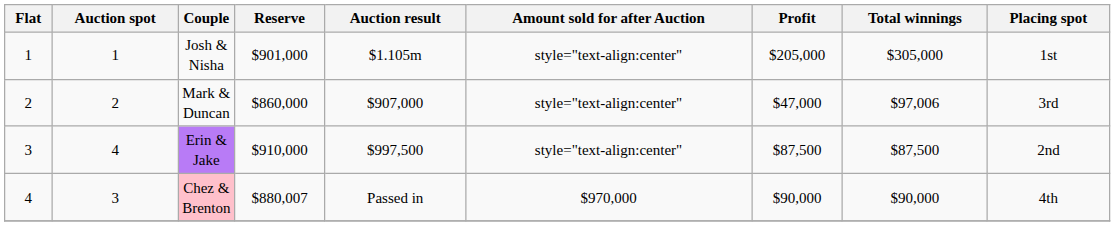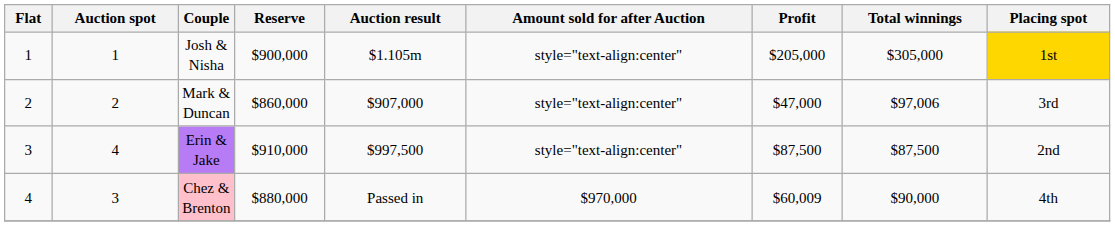 <table class="wikitable" style="text-align: center; font-size: 9pt; line-height:16px; width:70%" |>
 <tr>
 <th>Flat</th>
 <th>Auction spot</th>
 <th>Couple</th>
 <th>Reserve</th>
 <th>Auction result</th>
 <th>Amount sold for after Auction</th>
 <th>Profit</th>
 <th>Total winnings</th>
 <th>Placing spot</th>
 </tr>
 <tr>
 <td>1</td>
 <td style="text-align:center">1</td>
 <td style="width:5%;" scope="col" style="background:#A4C639; color:black;">Josh & Nisha</td>
-<td style="text-align:center">$901,000</td>
+<td style="text-align:center">$900,000</td>
 <td style="text-align:center">$1.105m</td>
 <td>style="text-align:center" </td>
 <td style="text-align:center">$205,000</td>
 <td style="text-align:center">$305,000</td>
-<td style="text-align:center">1st</td>
+<td style="background: gold; text-align:center">1st</td>
 </tr>
 <tr>
 <td>2</td>
 <td style="text-align:center">2</td>
 <td style="width:5%;" scope="col" style="background:#00BFFF; color:black;">Mark & Duncan</td>
 <td style="text-align:center">$860,000</td>
 <td style="text-align:center">$907,000</td>
 <td>style="text-align:center" </td>
 <td style="text-align:center">$47,000</td>
 <td style="text-align:center">$97,006</td>
 <td style="text-align:center">3rd</td>
 </tr>
 <tr>
 <td>3</td>
 <td style="text-align:center">4</td>
 <td style="background:#B87BF6; color:black;">Erin & Jake</td>
 <td style="text-align:center">$910,000</td>
 <td style="text-align:center">$997,500</td>
 <td>style="text-align:center" </td>
 <td style="text-align:center">$87,500</td>
 <td style="text-align:center">$87,500</td>
 <td style="text-align:center">2nd</td>
 </tr>
 <tr>
 <td>4</td>
 <td style="text-align:center">3</td>
 <td style='background:pink;'>Chez & Brenton</td>
-<td style="text-align:center">$880,007</td>
+<td style="text-align:center">$880,000</td>
 <td style="text-align:center">Passed in</td>
 <td style="text-align:center">$970,000</td>
-<td style="text-align:center">$90,000</td>
+<td style="text-align:center">$60,009</td>
 <td style="text-align:center">$90,000</td>
 <td style="text-align:center">4th</td>
 </tr>
 <tr>
 </tr>
 </table>
